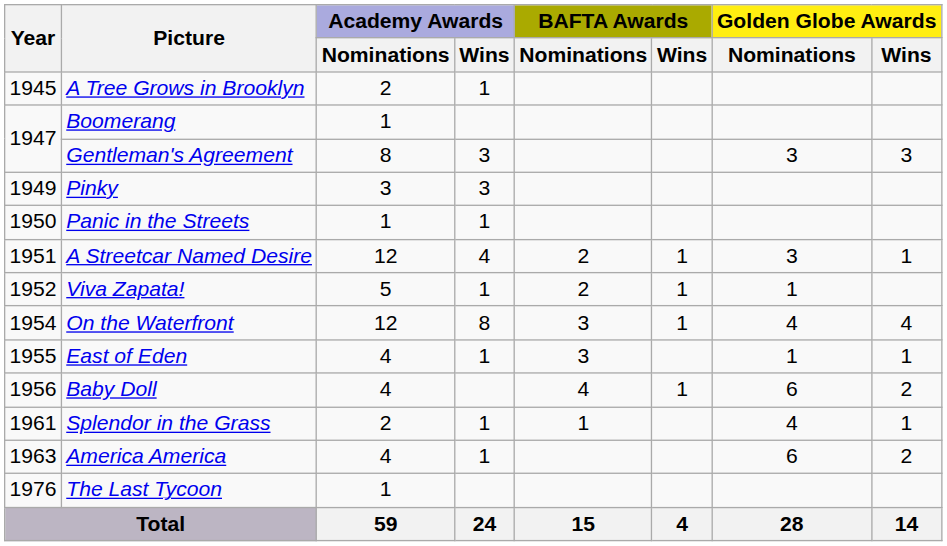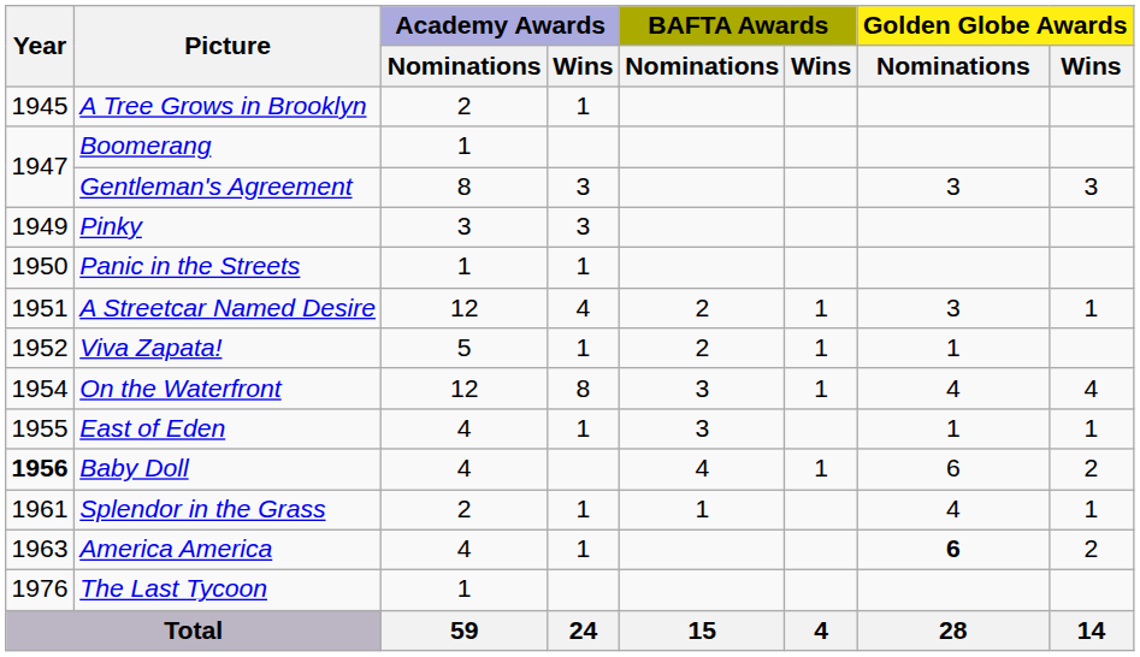 <table class="wikitable">
 <tr>
 <th rowspan="2">Year</th>
 <th rowspan="2">Picture</th>
 <th colspan="2" style="background-color:#aaaade;">Academy Awards</th>
 <th colspan="2" style="background-color:#aa0;">BAFTA Awards</th>
 <th colspan="2" style="background-color:#fe1;">Golden Globe Awards</th>
 </tr>
 <tr>
 <th>Nominations</th>
 <th>Wins</th>
 <th>Nominations</th>
 <th>Wins</th>
 <th>Nominations</th>
 <th>Wins</th>
 </tr>
 <tr>
 <td>1945</td>
 <td><em><a href='#'>A Tree Grows in Brooklyn</a></em></td>
 <td align=center>2</td>
 <td align=center>1</td>
 <td></td>
 <td></td>
 <td></td>
 <td></td>
 </tr>
 <tr>
 <td rowspan="2">1947</td>
 <td><em><a href='#'>Boomerang</a></em></td>
 <td align=center>1</td>
 <td></td>
 <td></td>
 <td></td>
 <td></td>
 <td></td>
 </tr>
 <tr>
 <td><em><a href='#'>Gentleman's Agreement</a></em></td>
 <td align=center>8</td>
 <td align=center>3</td>
 <td></td>
 <td></td>
 <td align=center>3</td>
 <td align=center>3</td>
 </tr>
 <tr>
 <td>1949</td>
 <td><em><a href='#'>Pinky</a></em></td>
 <td align=center>3</td>
 <td align=center>3</td>
 <td></td>
 <td></td>
 <td></td>
 <td></td>
 </tr>
 <tr>
 <td>1950</td>
 <td><em><a href='#'>Panic in the Streets</a></em></td>
 <td align=center>1</td>
 <td align=center>1</td>
 <td></td>
 <td></td>
 <td></td>
 <td></td>
 </tr>
 <tr>
 <td>1951</td>
 <td><em><a href='#'>A Streetcar Named Desire</a></em></td>
 <td align=center>12</td>
 <td align=center>4</td>
 <td align=center>2</td>
 <td align=center>1</td>
 <td align=center>3</td>
 <td align=center>1</td>
 </tr>
 <tr>
 <td>1952</td>
 <td><em><a href='#'>Viva Zapata!</a></em></td>
 <td align=center>5</td>
 <td align=center>1</td>
 <td align=center>2</td>
 <td align=center>1</td>
 <td align=center>1</td>
 <td></td>
 </tr>
 <tr>
 <td>1954</td>
 <td><em><a href='#'>On the Waterfront</a></em></td>
 <td align=center>12</td>
 <td align=center>8</td>
 <td align=center>3</td>
 <td align=center>1</td>
 <td align=center>4</td>
 <td align=center>4</td>
 </tr>
 <tr>
 <td>1955</td>
 <td><em><a href='#'>East of Eden</a></em></td>
 <td align=center>4</td>
 <td align=center>1</td>
 <td align=center>3</td>
 <td></td>
 <td align=center>1</td>
 <td align=center>1</td>
 </tr>
 <tr>
-<td>1956</td>
+<td><strong>1956</strong></td>
 <td><em><a href='#'>Baby Doll</a></em></td>
 <td align=center>4</td>
 <td></td>
 <td align=center>4</td>
 <td align=center>1</td>
 <td align=center>6</td>
 <td align=center>2</td>
 </tr>
 <tr>
 <td>1961</td>
 <td><em><a href='#'>Splendor in the Grass</a></em></td>
 <td align=center>2</td>
 <td align=center>1</td>
 <td align=center>1</td>
 <td></td>
 <td align=center>4</td>
 <td align=center>1</td>
 </tr>
 <tr>
 <td>1963</td>
 <td><em><a href='#'>America America</a></em></td>
 <td align=center>4</td>
 <td align=center>1</td>
 <td></td>
 <td></td>
-<td align=center>6</td>
+<td align=center><strong>6</strong></td>
 <td align=center>2</td>
 </tr>
 <tr>
 <td>1976</td>
 <td><em><a href='#'>The Last Tycoon</a></em></td>
 <td align=center>1</td>
 <td></td>
 <td></td>
 <td></td>
 <td></td>
 <td></td>
 </tr>
 <tr>
 <th colspan="2" style="background-color:#bcb5c3">Total</th>
 <th>59</th>
 <th>24</th>
 <th>15</th>
 <th>4</th>
 <th>28</th>
 <th>14</th>
 </tr>
 </table>
